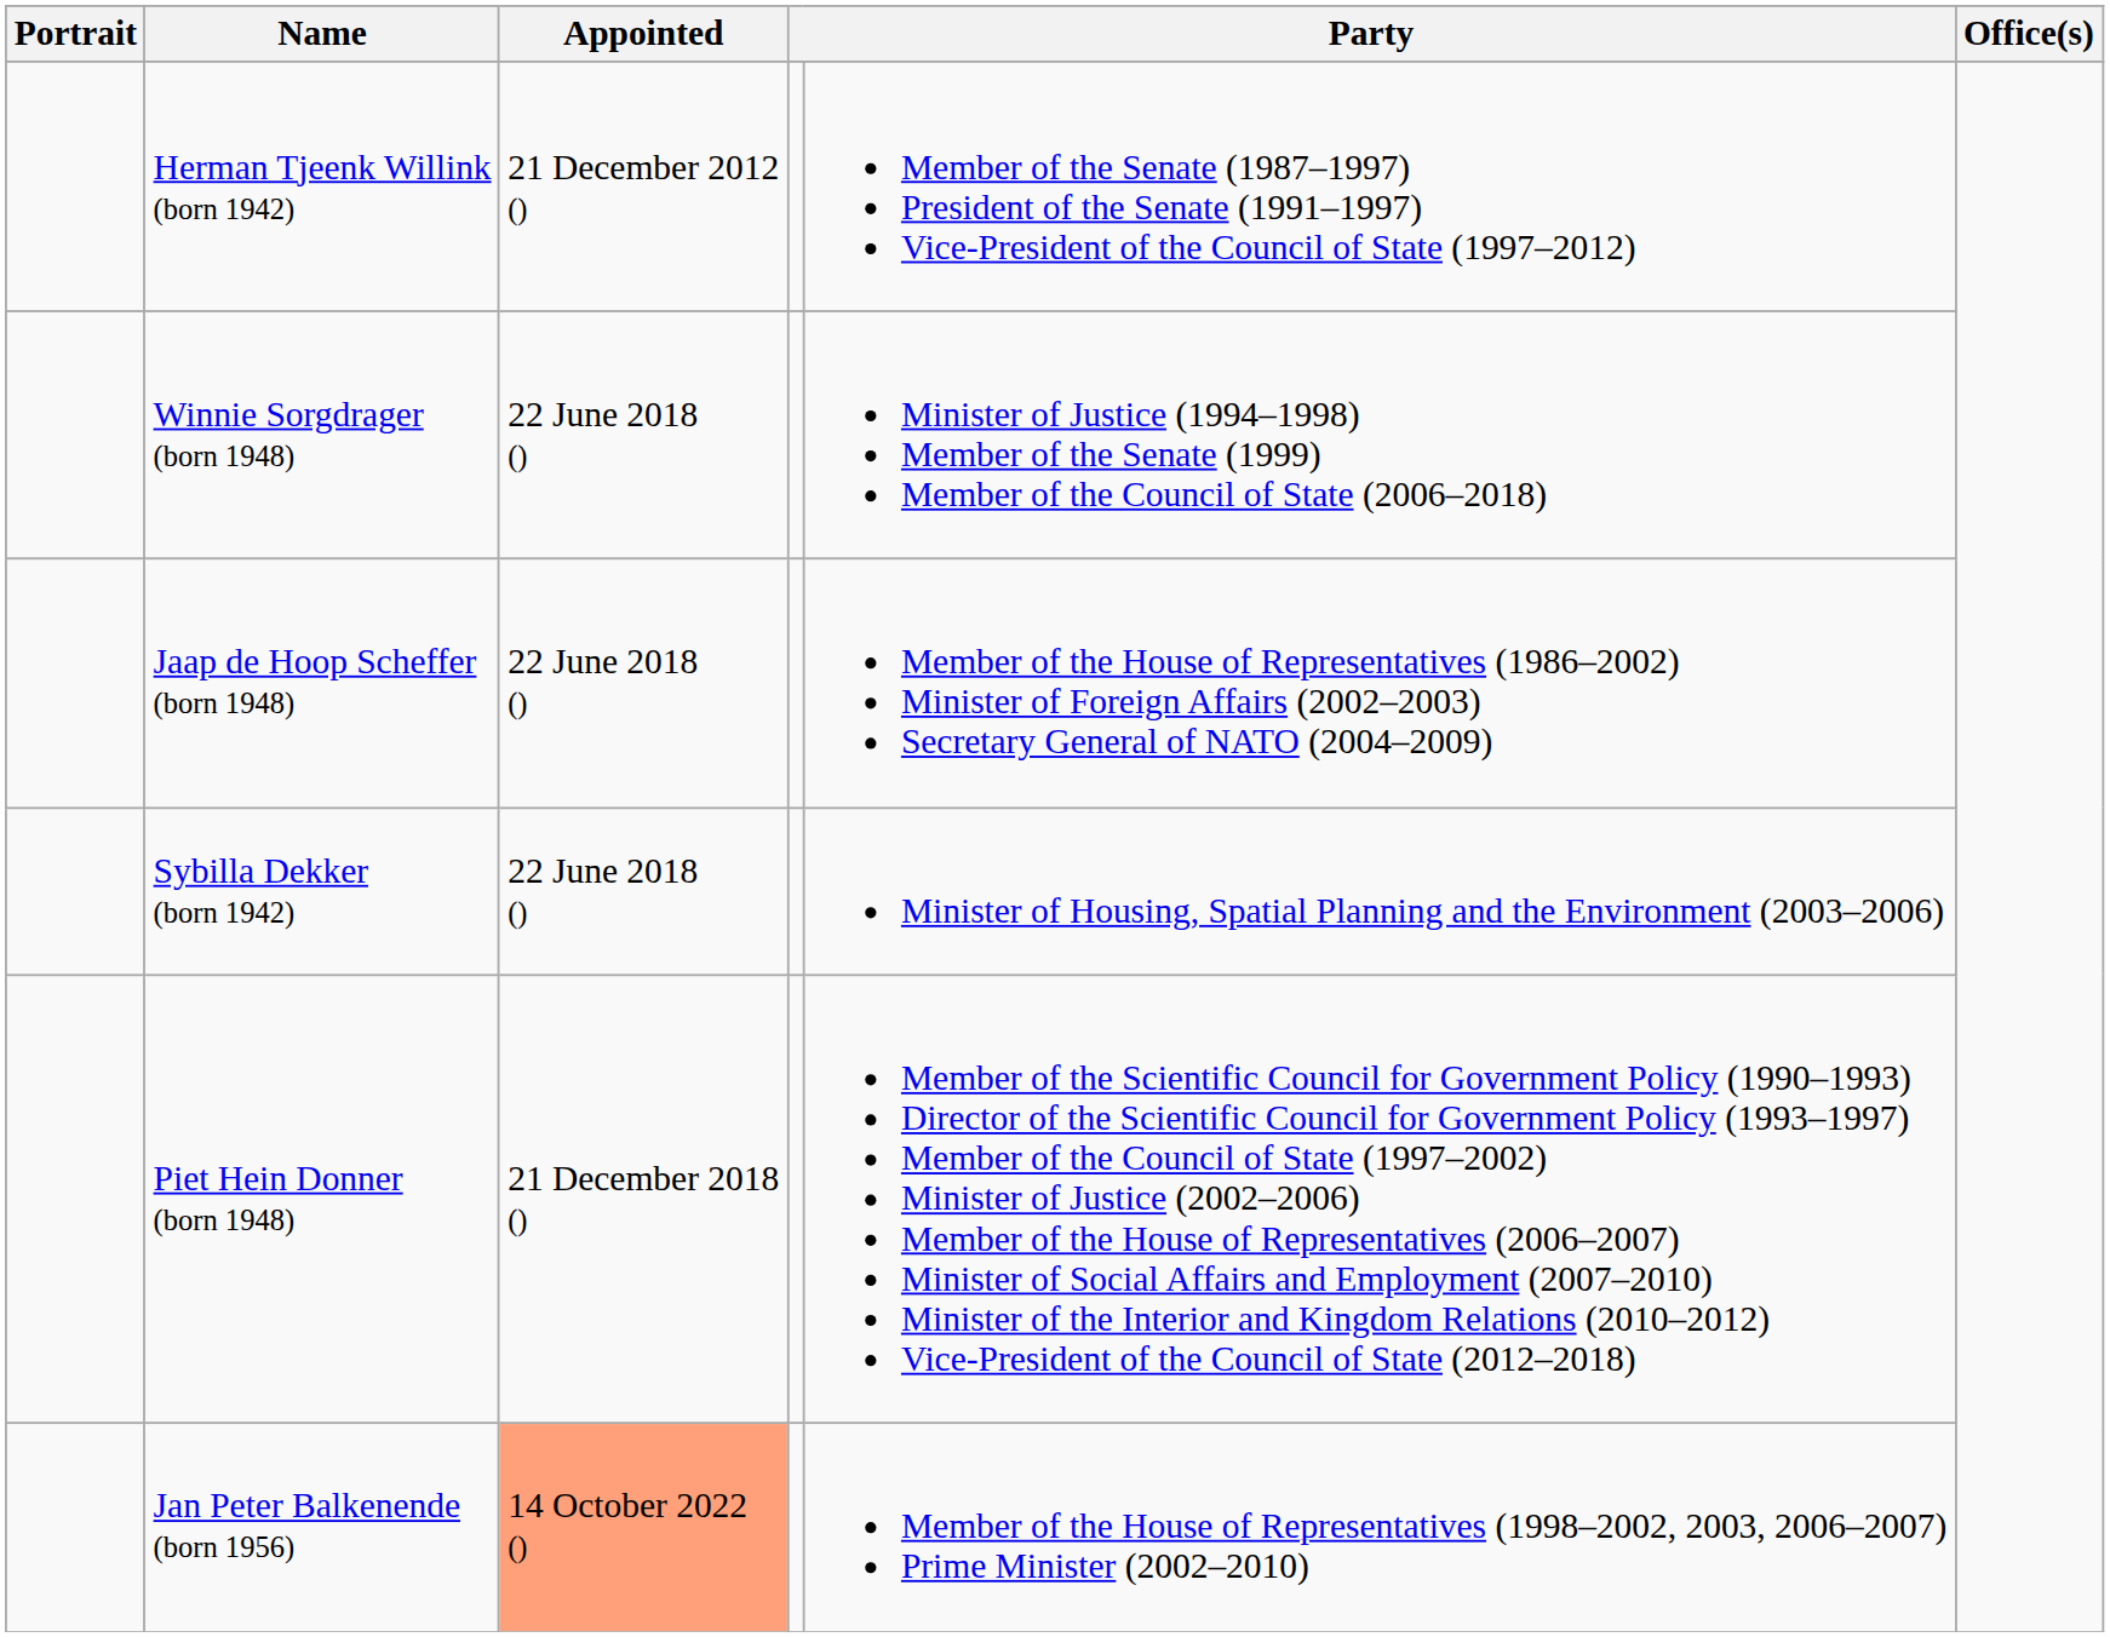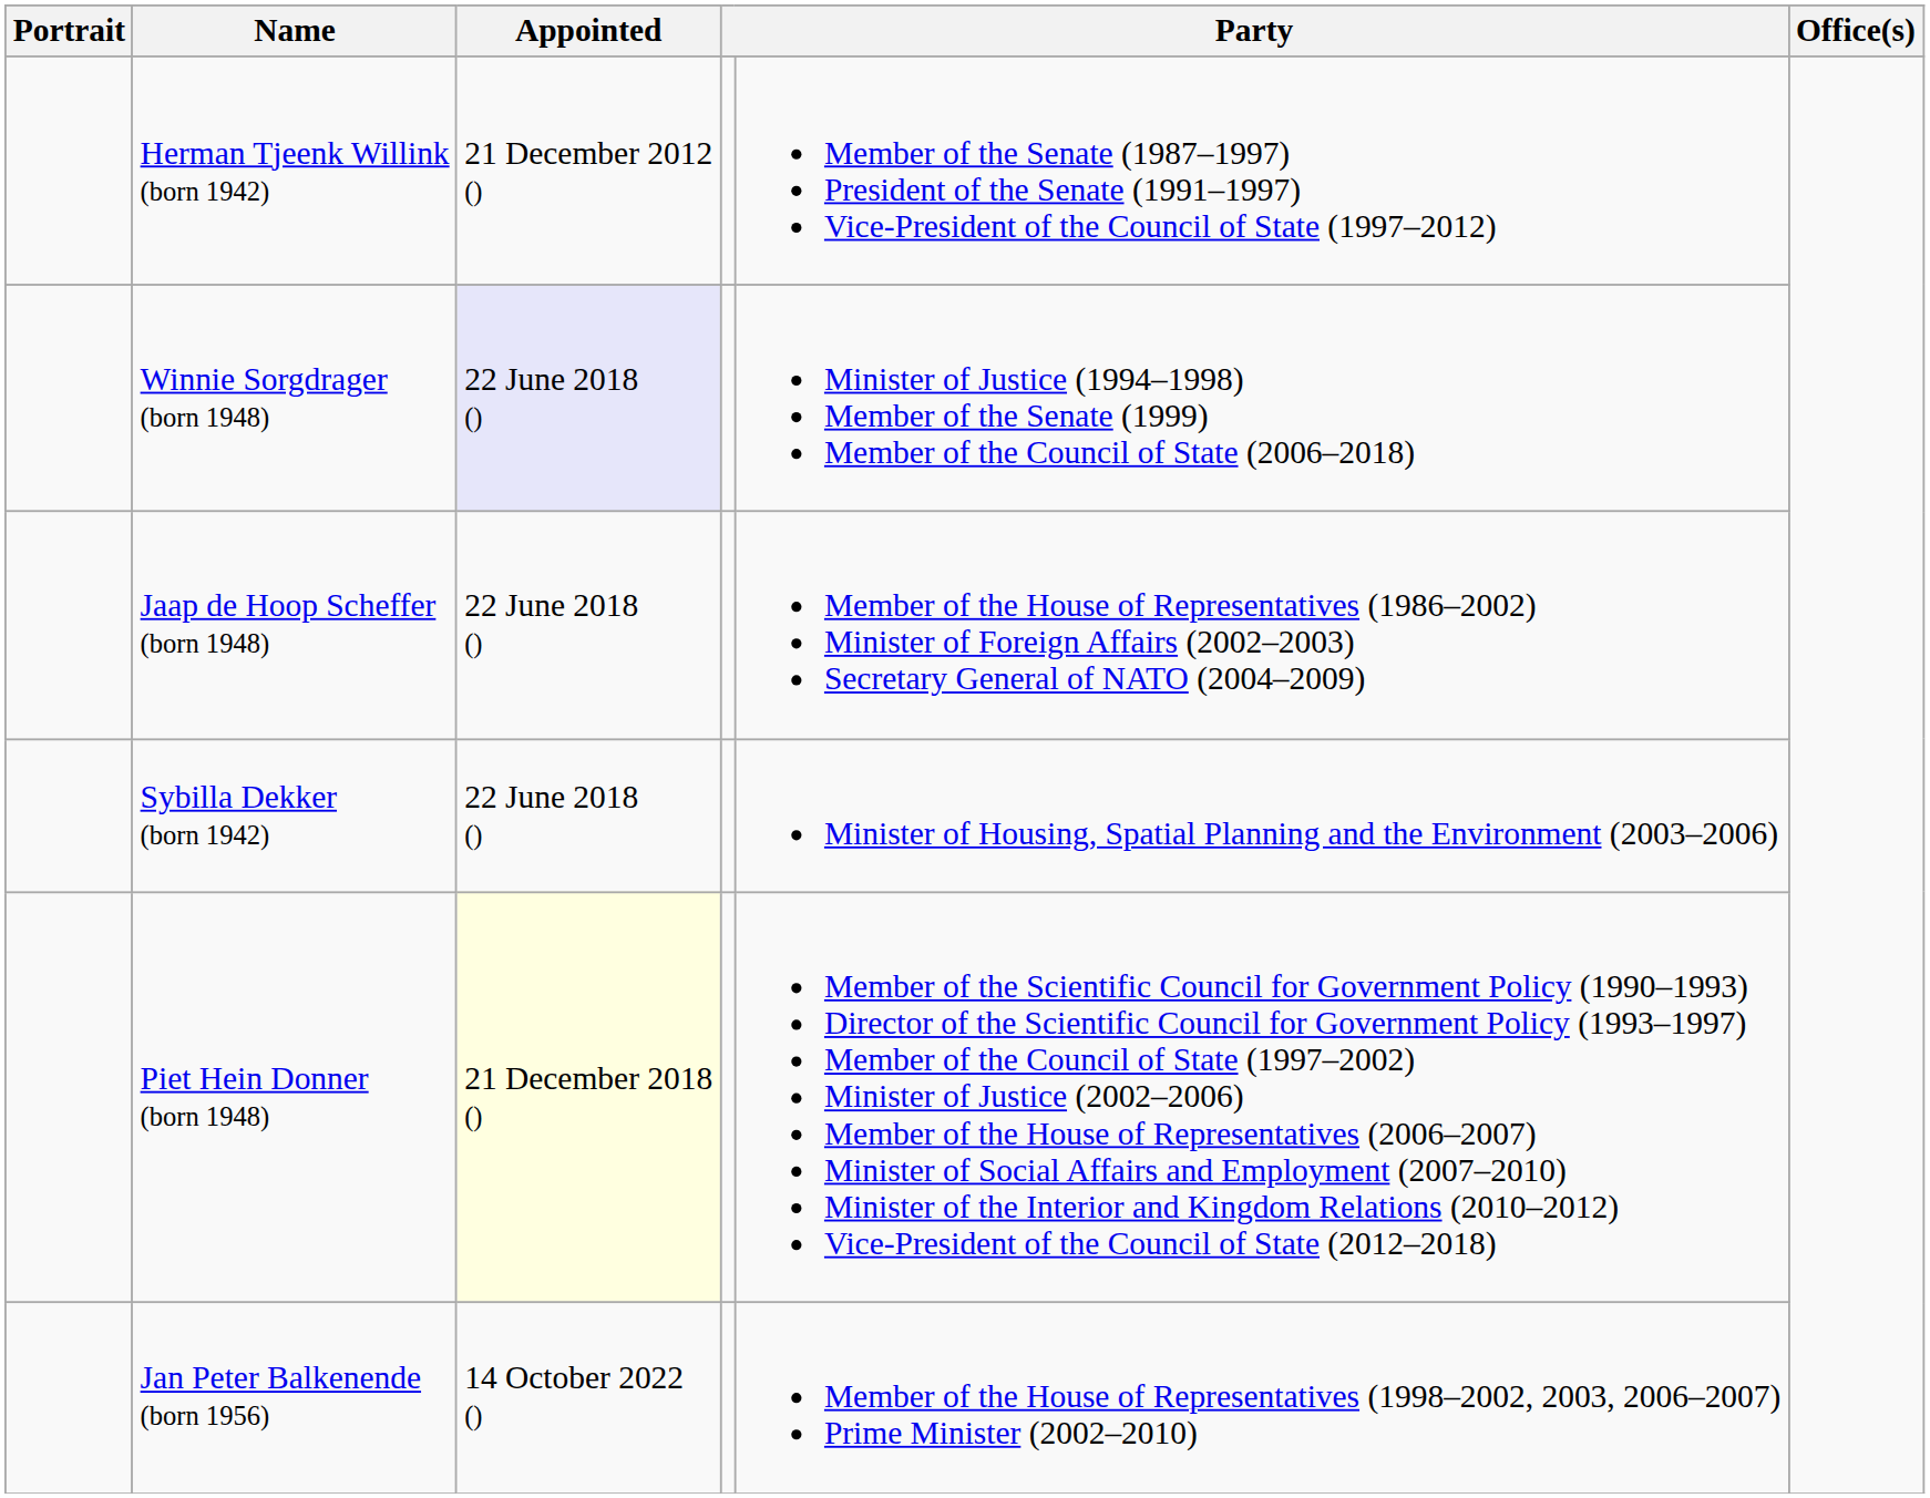 <table class="wikitable">
 <tr>
 <th>Portrait</th>
 <th>Name</th>
 <th>Appointed</th>
 <th colspan=2>Party</th>
 <th>Office(s)</th>
 </tr>
 <tr>
 <td></td>
 <td><a href='#'>Herman Tjeenk Willink</a> <br> <small>(born 1942)</small></td>
 <td>21 December 2012 <br> <small>()</small></td>
 <td></td>
 <td><br><ul><li><a href='#'>Member of the Senate</a> (1987–1997)</li><li><a href='#'>President of the Senate</a> (1991–1997)</li><li><a href='#'>Vice-President of the Council of State</a> (1997–2012)</li></ul></td>
 </tr>
 <tr>
 <td></td>
 <td><a href='#'>Winnie Sorgdrager</a> <br> <small>(born 1948)</small></td>
-<td>22 June 2018 <br> <small>()</small></td>
+<td style="background: lavender;">22 June 2018 <br> <small>()</small></td>
 <td></td>
 <td><br><ul><li><a href='#'>Minister of Justice</a> (1994–1998)</li><li><a href='#'>Member of the Senate</a> (1999)</li><li><a href='#'>Member of the Council of State</a> (2006–2018)</li></ul></td>
 </tr>
 <tr>
 <td></td>
 <td><a href='#'>Jaap de Hoop Scheffer</a> <br> <small>(born 1948)</small></td>
 <td>22 June 2018 <br> <small>()</small></td>
 <td></td>
 <td><br><ul><li><a href='#'>Member of the House of Representatives</a> (1986–2002)</li><li><a href='#'>Minister of Foreign Affairs</a> (2002–2003)</li><li><a href='#'>Secretary General of NATO</a> (2004–2009)</li></ul></td>
 </tr>
 <tr>
 <td></td>
 <td><a href='#'>Sybilla Dekker</a> <br> <small>(born 1942)</small></td>
 <td>22 June 2018 <br> <small>()</small></td>
 <td></td>
 <td><br><ul><li><a href='#'>Minister of Housing, Spatial Planning and the Environment</a> (2003–2006)</li></ul></td>
 </tr>
 <tr>
 <td></td>
 <td><a href='#'>Piet Hein Donner</a> <br> <small>(born 1948)</small></td>
-<td>21 December 2018 <br> <small>()</small></td>
+<td style="background: lightyellow;">21 December 2018 <br> <small>()</small></td>
 <td></td>
 <td><br><ul><li><a href='#'>Member of the Scientific Council for Government Policy</a> (1990–1993)</li><li><a href='#'>Director of the Scientific Council for Government Policy</a> (1993–1997)</li><li><a href='#'>Member of the Council of State</a> (1997–2002)</li><li><a href='#'>Minister of Justice</a> (2002–2006)</li><li><a href='#'>Member of the House of Representatives</a> (2006–2007)</li><li><a href='#'>Minister of Social Affairs and Employment</a> (2007–2010)</li><li><a href='#'>Minister of the Interior and Kingdom Relations</a> (2010–2012)</li><li><a href='#'>Vice-President of the Council of State</a> (2012–2018)</li></ul></td>
 </tr>
 <tr>
 <td></td>
 <td><a href='#'>Jan Peter Balkenende</a> <br> <small>(born 1956)</small></td>
-<td style="background: lightsalmon;">14 October 2022 <br> <small>()</small></td>
+<td>14 October 2022 <br> <small>()</small></td>
 <td></td>
 <td><br><ul><li><a href='#'>Member of the House of Representatives</a> (1998–2002, 2003, 2006–2007)</li><li><a href='#'>Prime Minister</a> (2002–2010)</li></ul></td>
 </tr>
 </table>
